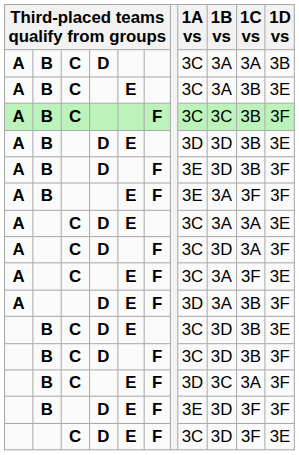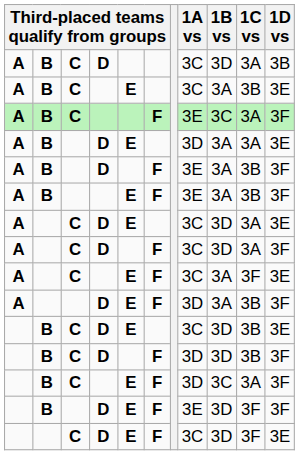 <table class="wikitable" style="text-align:center">
 <tr>
 <th colspan=6>Third-placed teams<br>qualify from groups</th>
 <th rowspan=16></th>
 <th>1A<br>vs</th>
 <th>1B<br>vs</th>
 <th>1C<br>vs</th>
 <th>1D<br>vs</th>
 </tr>
 <tr style="background:#FAFAFA;">
 <td><strong>A</strong></td>
 <td><strong>B</strong></td>
 <td><strong>C</strong></td>
 <td><strong>D</strong></td>
 <td></td>
 <td></td>
 <td>3C</td>
-<td>3A</td>
+<td>3D</td>
 <td>3A</td>
 <td>3B</td>
 </tr>
 <tr style="background:#FAFAFA;">
 <td><strong>A</strong></td>
 <td><strong>B</strong></td>
 <td><strong>C</strong></td>
 <td></td>
 <td><strong>E</strong></td>
 <td></td>
 <td>3C</td>
 <td>3A</td>
 <td>3B</td>
 <td>3E</td>
 </tr>
 <tr style="background:#BBF3BB;">
 <td><strong>A</strong></td>
 <td><strong>B</strong></td>
 <td><strong>C</strong></td>
 <td></td>
 <td></td>
 <td><strong>F</strong></td>
+<td>3E</td>
 <td>3C</td>
-<td>3C</td>
-<td>3B</td>
+<td>3A</td>
 <td>3F</td>
 </tr>
 <tr style="background:#FAFAFA;">
 <td><strong>A</strong></td>
 <td><strong>B</strong></td>
 <td></td>
 <td><strong>D</strong></td>
 <td><strong>E</strong></td>
 <td></td>
 <td>3D</td>
-<td>3D</td>
-<td>3B</td>
+<td>3A</td>
+<td>3A</td>
 <td>3E</td>
 </tr>
 <tr style="background:#FAFAFA;">
 <td><strong>A</strong></td>
 <td><strong>B</strong></td>
 <td></td>
 <td><strong>D</strong></td>
 <td></td>
 <td><strong>F</strong></td>
 <td>3E</td>
-<td>3D</td>
+<td>3A</td>
 <td>3B</td>
 <td>3F</td>
 </tr>
 <tr style="background:#FAFAFA;">
 <td><strong>A</strong></td>
 <td><strong>B</strong></td>
 <td></td>
 <td></td>
 <td><strong>E</strong></td>
 <td><strong>F</strong></td>
 <td>3E</td>
 <td>3A</td>
-<td>3F</td>
+<td>3B</td>
 <td>3F</td>
 </tr>
 <tr style="background:#FAFAFA;">
 <td><strong>A</strong></td>
 <td></td>
 <td><strong>C</strong></td>
 <td><strong>D</strong></td>
 <td><strong>E</strong></td>
 <td></td>
 <td>3C</td>
-<td>3A</td>
+<td>3D</td>
 <td>3A</td>
 <td>3E</td>
 </tr>
 <tr style="background:#FAFAFA;">
 <td><strong>A</strong></td>
 <td></td>
 <td><strong>C</strong></td>
 <td><strong>D</strong></td>
 <td></td>
 <td><strong>F</strong></td>
 <td>3C</td>
 <td>3D</td>
 <td>3A</td>
 <td>3F</td>
 </tr>
 <tr style="background:#FAFAFA;">
 <td><strong>A</strong></td>
 <td></td>
 <td><strong>C</strong></td>
 <td></td>
 <td><strong>E</strong></td>
 <td><strong>F</strong></td>
 <td>3C</td>
 <td>3A</td>
 <td>3F</td>
 <td>3E</td>
 </tr>
 <tr style="background:#FAFAFA;">
 <td><strong>A</strong></td>
 <td></td>
 <td></td>
 <td><strong>D</strong></td>
 <td><strong>E</strong></td>
 <td><strong>F</strong></td>
 <td>3D</td>
 <td>3A</td>
 <td>3B</td>
 <td>3F</td>
 </tr>
 <tr style="background:#FAFAFA;">
 <td></td>
 <td><strong>B</strong></td>
 <td><strong>C</strong></td>
 <td><strong>D</strong></td>
 <td><strong>E</strong></td>
 <td></td>
 <td>3C</td>
 <td>3D</td>
 <td>3B</td>
 <td>3E</td>
 </tr>
 <tr style="background:#FAFAFA;">
 <td></td>
 <td><strong>B</strong></td>
 <td><strong>C</strong></td>
 <td><strong>D</strong></td>
 <td></td>
 <td><strong>F</strong></td>
-<td>3C</td>
+<td>3D</td>
 <td>3D</td>
 <td>3B</td>
 <td>3F</td>
 </tr>
 <tr style="background:#FAFAFA;">
 <td></td>
 <td><strong>B</strong></td>
 <td><strong>C</strong></td>
 <td></td>
 <td><strong>E</strong></td>
 <td><strong>F</strong></td>
 <td>3D</td>
 <td>3C</td>
 <td>3A</td>
 <td>3F</td>
 </tr>
 <tr style="background:#FAFAFA;">
 <td></td>
 <td><strong>B</strong></td>
 <td></td>
 <td><strong>D</strong></td>
 <td><strong>E</strong></td>
 <td><strong>F</strong></td>
 <td>3E</td>
 <td>3D</td>
 <td>3F</td>
 <td>3F</td>
 </tr>
 <tr style="background:#FAFAFA;">
 <td></td>
 <td></td>
 <td><strong>C</strong></td>
 <td><strong>D</strong></td>
 <td><strong>E</strong></td>
 <td><strong>F</strong></td>
 <td>3C</td>
 <td>3D</td>
 <td>3F</td>
 <td>3E</td>
 </tr>
 </table>
